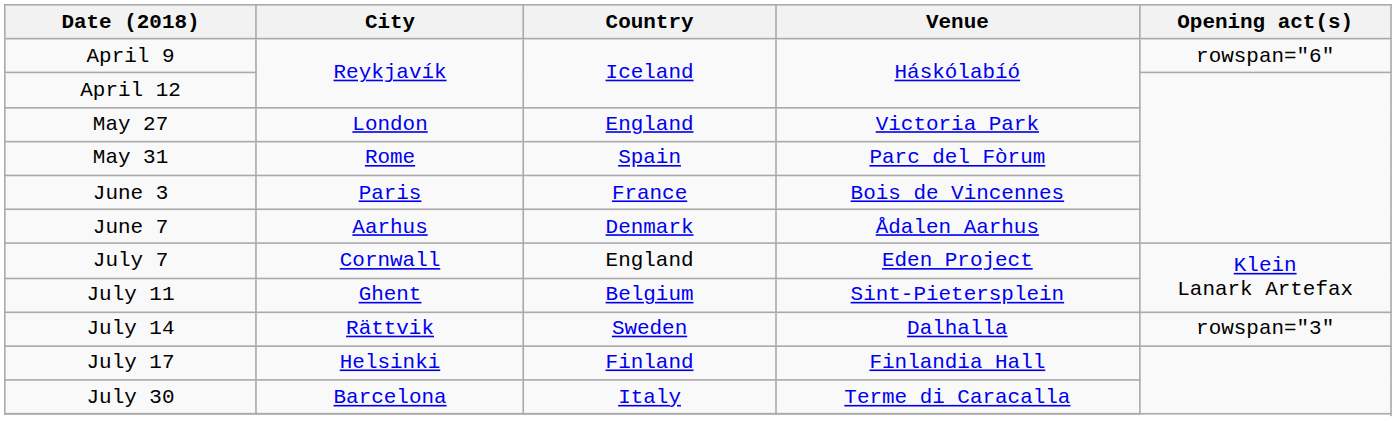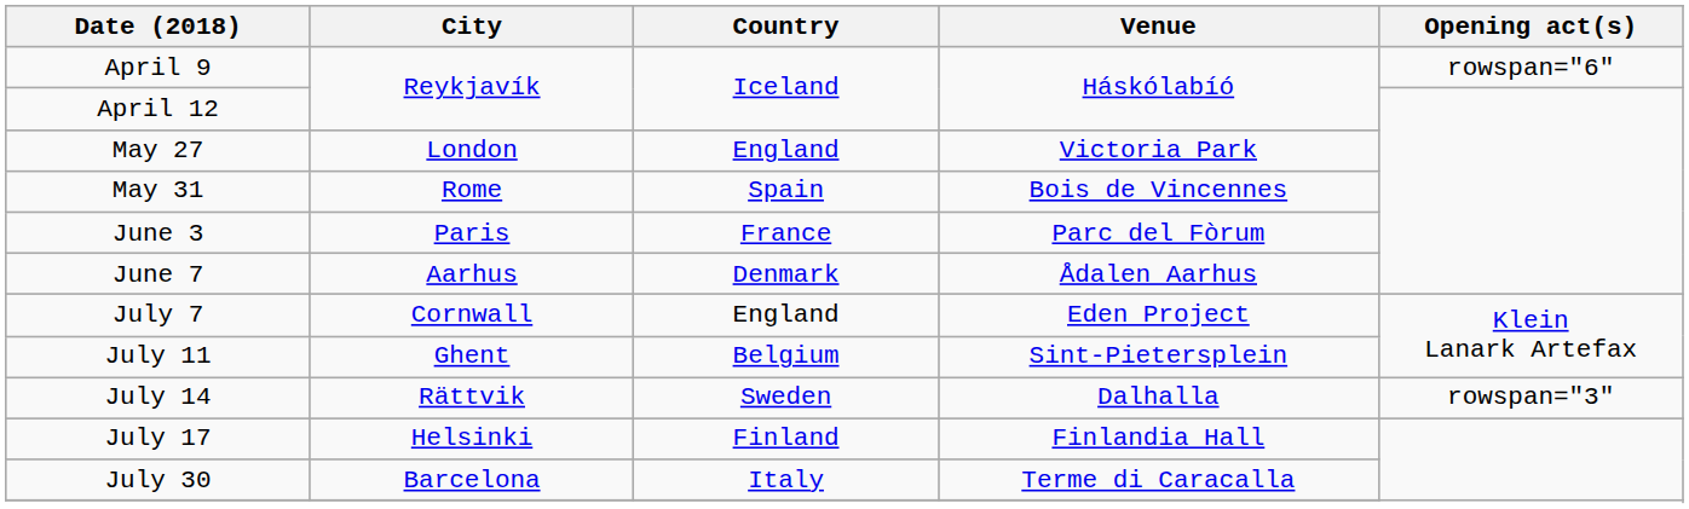 <table class="wikitable plainrowheaders" style="text-align:center;">
 <tr>
 <th style="width:150px;">Date (2018)</th>
 <th style="width:160px;">City</th>
 <th style="width:150px;">Country</th>
 <th style="width:220px;">Venue</th>
 <th style="width:150px;">Opening act(s)</th>
 </tr>
 <tr>
 <td>April 9</td>
 <td rowspan=2><a href='#'>Reykjavík</a></td>
 <td rowspan=2><a href='#'>Iceland</a></td>
 <td rowspan=2><a href='#'>Háskólabíó</a></td>
 <td>rowspan="6" </td>
 </tr>
 <tr>
 <td>April 12</td>
 </tr>
 <tr>
 <td>May 27</td>
 <td><a href='#'>London</a></td>
 <td><a href='#'>England</a></td>
 <td><a href='#'>Victoria Park</a></td>
 </tr>
 <tr>
 <td>May 31</td>
 <td><a href='#'>Rome</a></td>
 <td><a href='#'>Spain</a></td>
-<td><a href='#'>Parc del Fòrum</a></td>
+<td><a href='#'>Bois de Vincennes</a></td>
 </tr>
 <tr>
 <td>June 3</td>
 <td><a href='#'>Paris</a></td>
 <td><a href='#'>France</a></td>
-<td><a href='#'>Bois de Vincennes</a></td>
+<td><a href='#'>Parc del Fòrum</a></td>
 </tr>
 <tr>
 <td>June 7</td>
 <td><a href='#'>Aarhus</a></td>
 <td><a href='#'>Denmark</a></td>
 <td><a href='#'>Ådalen Aarhus</a></td>
 </tr>
 <tr>
 <td>July 7</td>
 <td><a href='#'>Cornwall</a></td>
 <td>England</td>
 <td><a href='#'>Eden Project</a></td>
 <td rowspan=2><a href='#'>Klein</a><br>Lanark Artefax</td>
 </tr>
 <tr>
 <td>July 11</td>
 <td><a href='#'>Ghent</a></td>
 <td><a href='#'>Belgium</a></td>
 <td><a href='#'>Sint-Pietersplein</a></td>
 </tr>
 <tr>
 <td>July 14</td>
 <td><a href='#'>Rättvik</a></td>
 <td><a href='#'>Sweden</a></td>
 <td><a href='#'>Dalhalla</a></td>
 <td>rowspan="3" </td>
 </tr>
 <tr>
 <td>July 17</td>
 <td><a href='#'>Helsinki</a></td>
 <td><a href='#'>Finland</a></td>
 <td><a href='#'>Finlandia Hall</a></td>
 </tr>
 <tr>
 <td>July 30</td>
 <td><a href='#'>Barcelona</a></td>
 <td><a href='#'>Italy</a></td>
 <td><a href='#'>Terme di Caracalla</a></td>
 </tr>
 <tr>
 </tr>
 </table>
